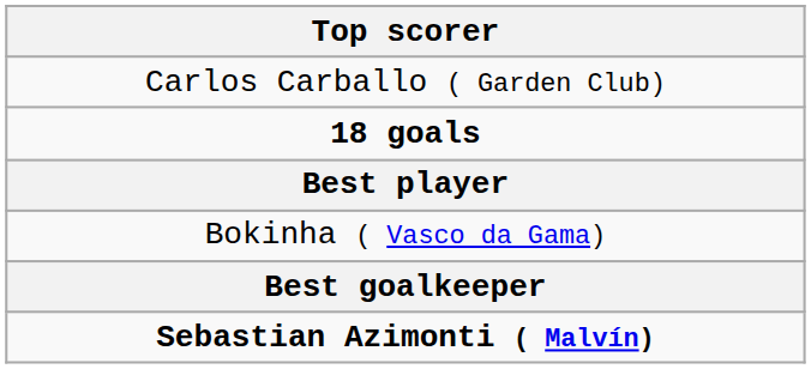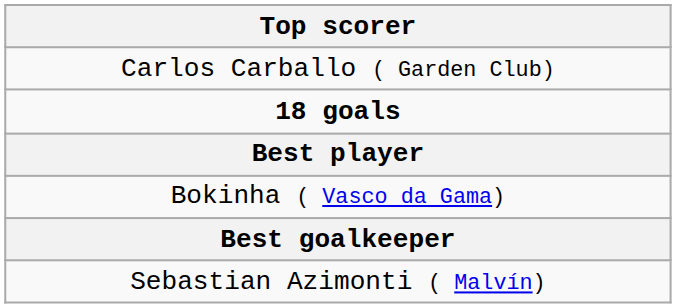 <table class="wikitable" style="margin: 1em auto 1em auto;">
 <tr>
 <th width=325>Top scorer</th>
 </tr>
 <tr align=center style="background:">
 <td style="text-align:center;"> Carlos Carballo <small>( Garden Club)</small></td>
 </tr>
 <tr>
 <td style="text-align:center;"><strong>18 goals</strong></td>
 </tr>
 <tr>
 <th>Best player</th>
 </tr>
 <tr>
 <td style="text-align:center;"> Bokinha <small>( <a href='#'>Vasco da Gama</a>)</small></td>
 </tr>
 <tr>
 <th>Best goalkeeper</th>
 </tr>
 <tr>
-<td style="text-align:center;"><strong> Sebastian Azimonti <small>( <a href='#'>Malvín</a>)</small></strong></td>
+<td style="text-align:center;"> Sebastian Azimonti <small>( <a href='#'>Malvín</a>)</small></td>
 </tr>
 </table>
